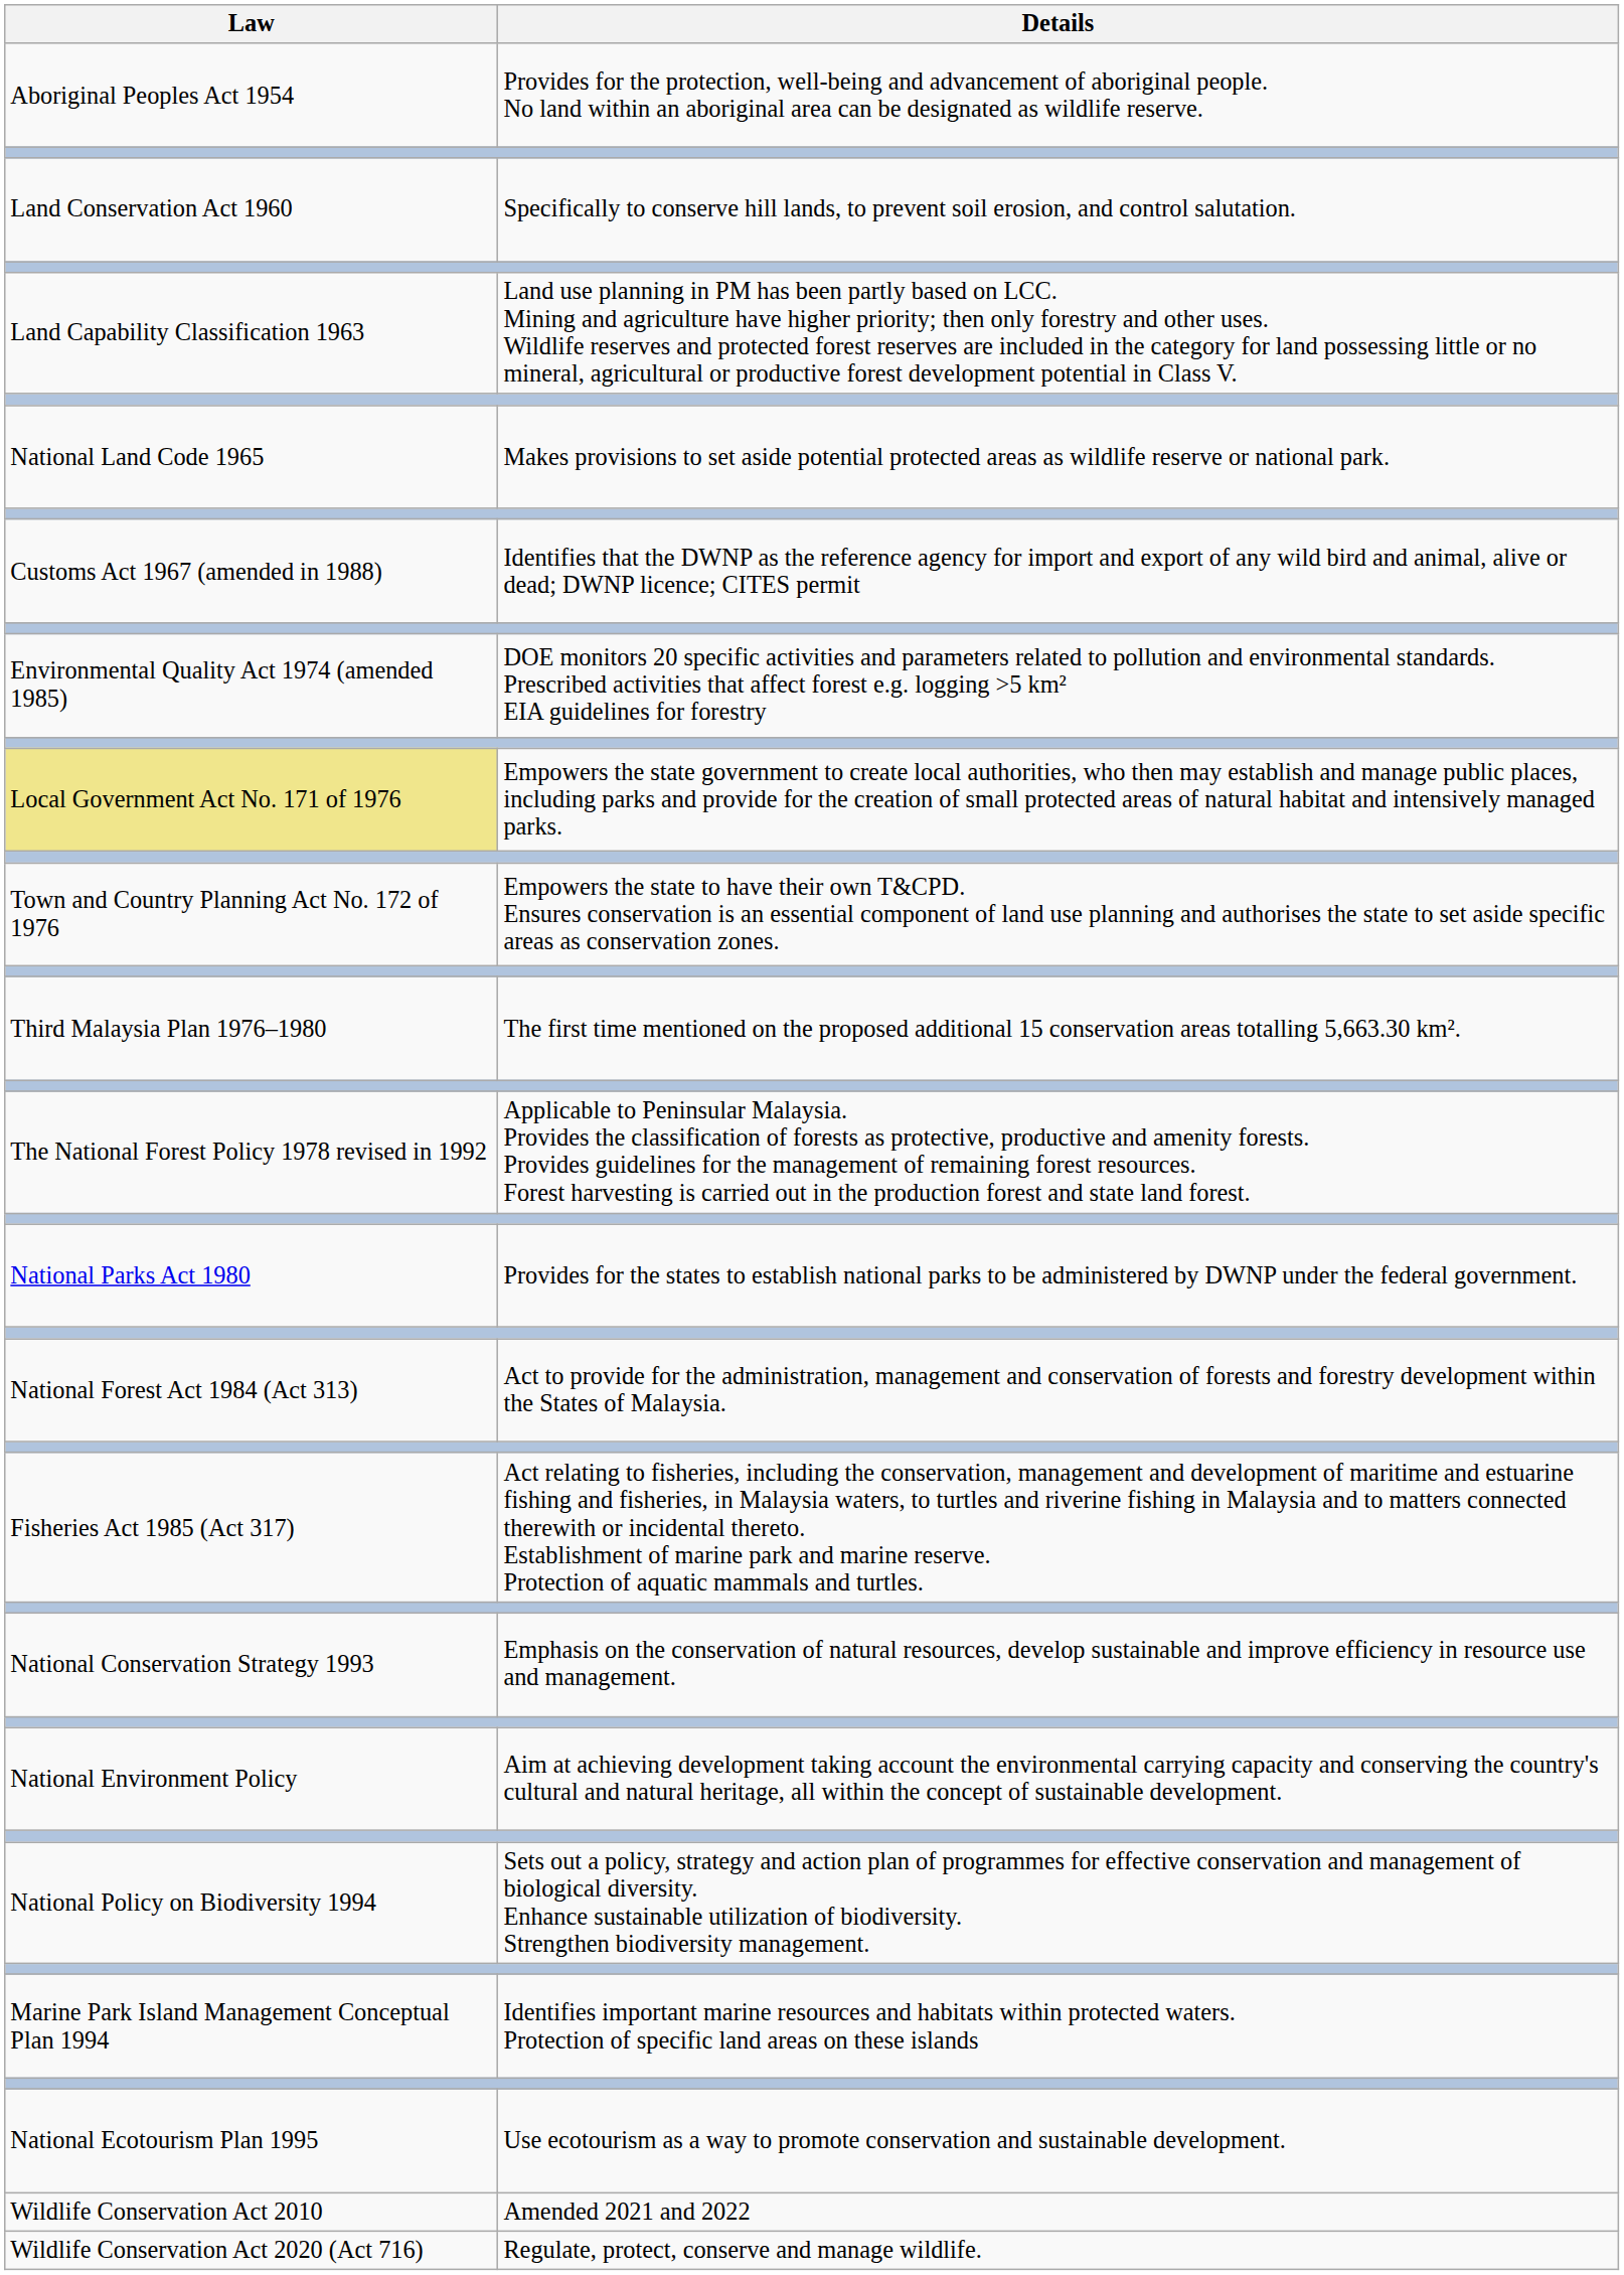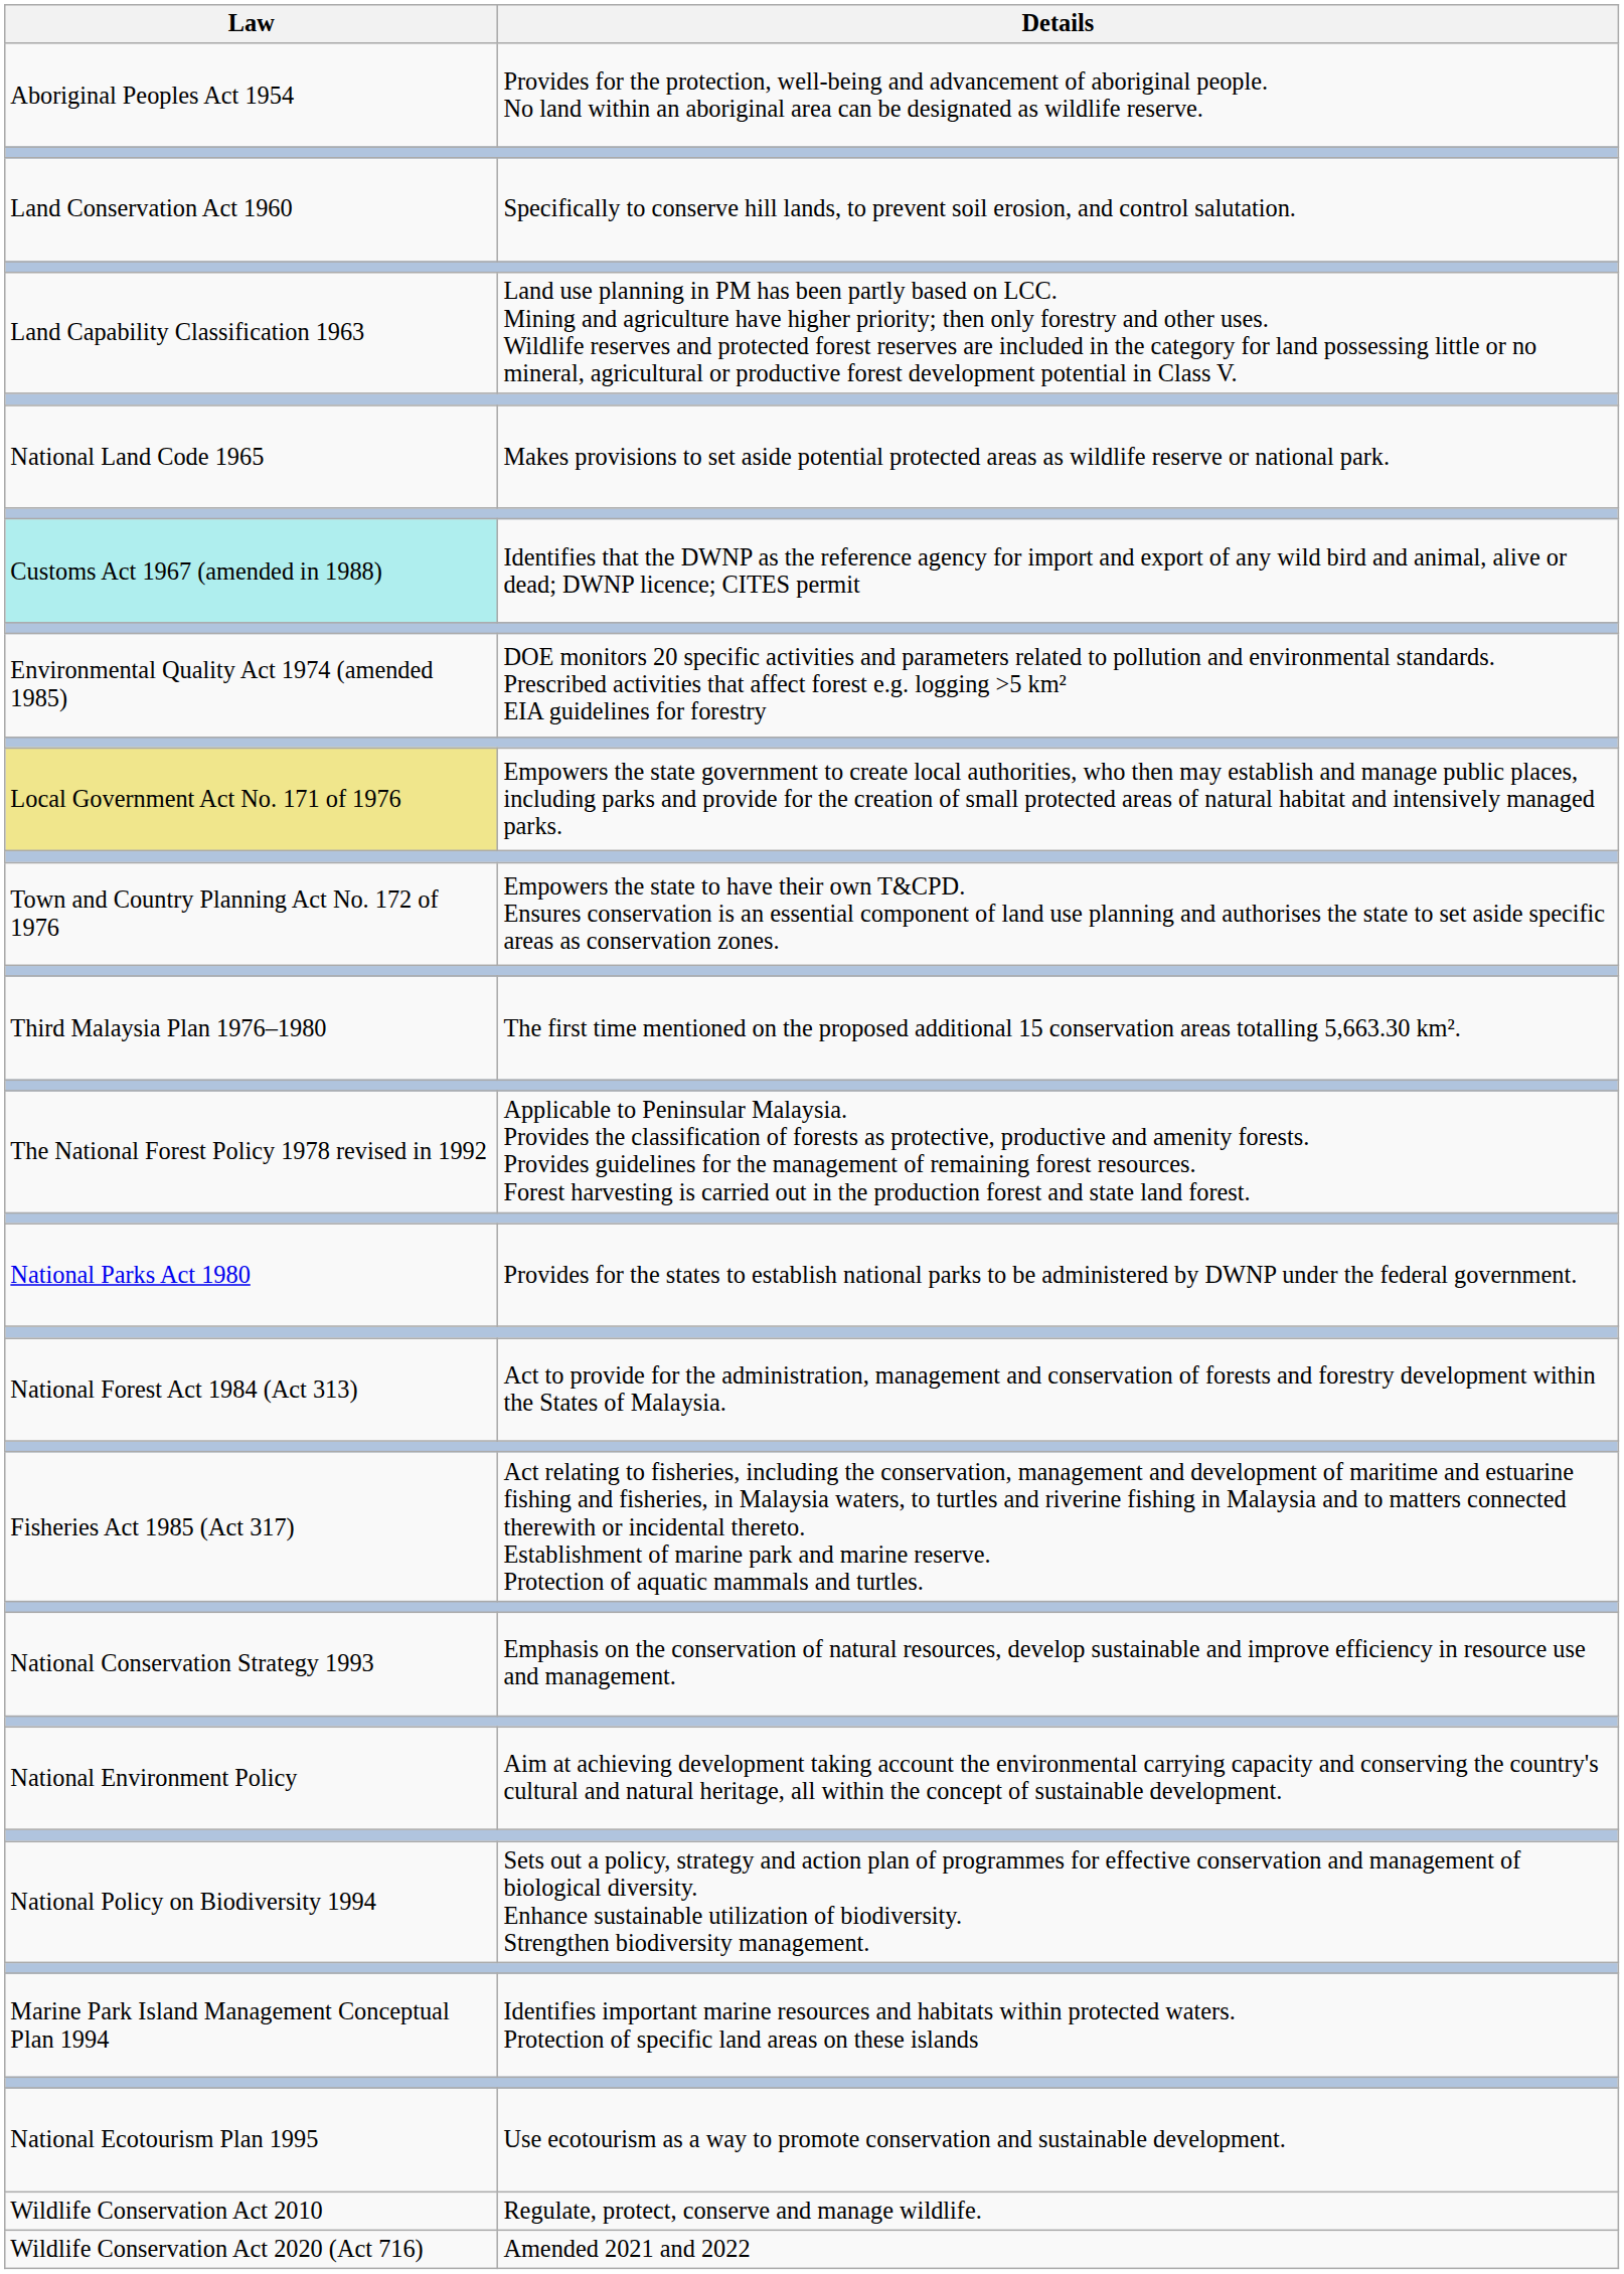 <table class="wikitable">
 <tr>
 <th width="315">Law</th>
 <th width="725">Details</th>
 </tr>
 <tr>
 <td height="60">Aboriginal Peoples Act 1954</td>
 <td>Provides for the protection, well-being and advancement of aboriginal people.<br>No land within an aboriginal area can be designated as wildlife reserve.</td>
 </tr>
 <tr>
 <td colSpan="2" style="background-color:LightSteelBlue;"></td>
 </tr>
 <tr>
 <td height="60">Land Conservation Act 1960</td>
 <td>Specifically to conserve hill lands, to prevent soil erosion, and control salutation.</td>
 </tr>
 <tr>
 <td colSpan="2" style="background-color:LightSteelBlue;"></td>
 </tr>
 <tr>
 <td height="60">Land Capability Classification 1963</td>
 <td>Land use planning in PM has been partly based on LCC.<br>Mining and agriculture have higher priority; then only forestry and other uses.<br>Wildlife reserves and protected forest reserves are included in the category for land possessing little or no mineral, agricultural or productive forest development potential in Class V.</td>
 </tr>
 <tr>
 <td colSpan="2" style="background-color:LightSteelBlue;"></td>
 </tr>
 <tr>
 <td height="60">National Land Code 1965</td>
 <td>Makes provisions to set aside potential protected areas as wildlife reserve or national park.</td>
 </tr>
 <tr>
 <td colSpan="2" style="background-color:LightSteelBlue;"></td>
 </tr>
 <tr>
-<td height="60">Customs Act 1967 (amended in 1988)</td>
+<td height="60" style="background: paleturquoise;">Customs Act 1967 (amended in 1988)</td>
 <td>Identifies that the DWNP as the reference agency for import and export of any wild bird and animal, alive or dead; DWNP licence; CITES permit</td>
 </tr>
 <tr>
 <td colSpan="2" style="background-color:LightSteelBlue;"></td>
 </tr>
 <tr>
 <td height="60">Environmental Quality Act 1974 (amended 1985)</td>
 <td>DOE monitors 20 specific activities and parameters related to pollution and environmental standards.<br>Prescribed activities that affect forest e.g. logging >5 km²<br>EIA guidelines for forestry</td>
 </tr>
 <tr>
 <td colSpan="2" style="background-color:LightSteelBlue;"></td>
 </tr>
 <tr>
 <td height="60" style="background: khaki;">Local Government Act No. 171 of 1976</td>
 <td>Empowers the state government to create local authorities, who then may establish and manage public places, including parks and provide for the creation of small protected areas of natural habitat and intensively managed parks.</td>
 </tr>
 <tr>
 <td colSpan="2" style="background-color:LightSteelBlue;"></td>
 </tr>
 <tr>
 <td height="60">Town and Country Planning Act No. 172 of 1976</td>
 <td>Empowers the state to have their own T&CPD.<br>Ensures conservation is an essential component of land use planning and authorises the state to set aside specific areas as conservation zones.</td>
 </tr>
 <tr>
 <td colSpan="2" style="background-color:LightSteelBlue;"></td>
 </tr>
 <tr>
 <td height="60">Third Malaysia Plan 1976–1980</td>
 <td>The first time mentioned on the proposed additional 15 conservation areas totalling 5,663.30 km².</td>
 </tr>
 <tr>
 <td colSpan="2" style="background-color:LightSteelBlue;"></td>
 </tr>
 <tr>
 <td height="60">The National Forest Policy 1978 revised in 1992</td>
 <td>Applicable to Peninsular Malaysia.<br>Provides the classification of forests as protective, productive and amenity forests.<br>Provides guidelines for the management of remaining forest resources.<br>Forest harvesting is carried out in the production forest and state land forest.</td>
 </tr>
 <tr>
 <td colSpan="2" style="background-color:LightSteelBlue;"></td>
 </tr>
 <tr>
 <td height="60"><a href='#'>National Parks Act 1980</a></td>
 <td>Provides for the states to establish national parks to be administered by DWNP under the federal government.</td>
 </tr>
 <tr>
 <td colSpan="2" style="background-color:LightSteelBlue;"></td>
 </tr>
 <tr>
 <td height="60">National Forest Act 1984 (Act 313)</td>
 <td>Act to provide for the administration, management and conservation of forests and forestry development within the States of Malaysia.</td>
 </tr>
 <tr>
 <td colSpan="2" style="background-color:LightSteelBlue;"></td>
 </tr>
 <tr>
 <td height="60">Fisheries Act 1985 (Act 317)</td>
 <td>Act relating to fisheries, including the conservation, management and development of maritime and estuarine fishing and fisheries, in Malaysia waters, to turtles and riverine fishing in Malaysia and to matters connected therewith or incidental thereto.<br>Establishment of marine park and marine reserve.<br>Protection of aquatic mammals and turtles.</td>
 </tr>
 <tr>
 <td colSpan="2" style="background-color:LightSteelBlue;"></td>
 </tr>
 <tr>
 <td height="60">National Conservation Strategy 1993</td>
 <td>Emphasis on the conservation of natural resources, develop sustainable and improve efficiency in resource use and management.</td>
 </tr>
 <tr>
 <td colSpan="2" style="background-color:LightSteelBlue;"></td>
 </tr>
 <tr>
 <td height="60">National Environment Policy</td>
 <td>Aim at achieving development taking account the environmental carrying capacity and conserving the country's cultural and natural heritage, all within the concept of sustainable development.</td>
 </tr>
 <tr>
 <td colSpan="2" style="background-color:LightSteelBlue;"></td>
 </tr>
 <tr>
 <td height="60">National Policy on Biodiversity 1994</td>
 <td>Sets out a policy, strategy and action plan of programmes for effective conservation and management of biological diversity.<br>Enhance sustainable utilization of biodiversity.<br>Strengthen biodiversity management.</td>
 </tr>
 <tr>
 <td colSpan="2" style="background-color:LightSteelBlue;"></td>
 </tr>
 <tr>
 <td height="60">Marine Park Island Management Conceptual Plan 1994</td>
 <td>Identifies important marine resources and habitats within protected waters.<br>Protection of specific land areas on these islands</td>
 </tr>
 <tr>
 <td colSpan="2" style="background-color:LightSteelBlue;"></td>
 </tr>
 <tr>
 <td height="60">National Ecotourism Plan 1995</td>
 <td>Use ecotourism as a way to promote conservation and sustainable development.</td>
 </tr>
 <tr>
 <td>Wildlife Conservation Act 2010</td>
-<td>Amended 2021 and 2022</td>
+<td>Regulate, protect, conserve and manage wildlife.</td>
 </tr>
 <tr>
 <td>Wildlife Conservation Act 2020 (Act 716)</td>
-<td>Regulate, protect, conserve and manage wildlife.</td>
+<td>Amended 2021 and 2022</td>
 </tr>
 </table>
